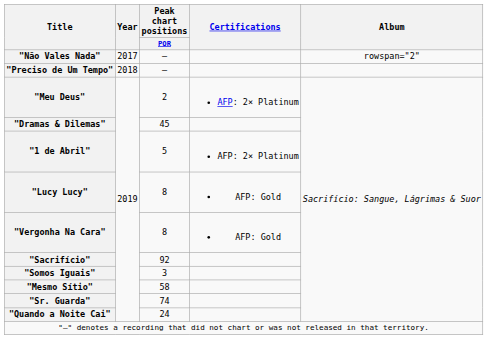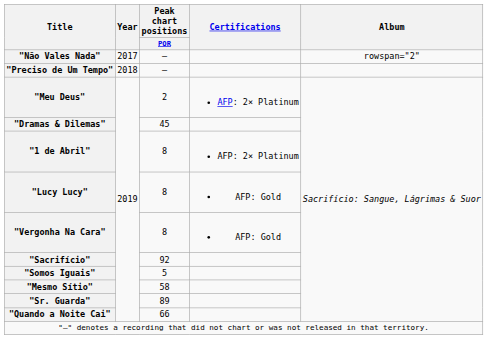 <table class="wikitable plainrowheaders" style="text-align:center;" border="1">
 <tr>
 <th scope="col" rowspan="2">Title</th>
 <th scope="col" rowspan="2">Year</th>
 <th scope="col">Peak chart positions</th>
 <th scope="col" rowspan="2"><a href='#'>Certifications</a></th>
 <th scope="col" rowspan="2">Album</th>
 </tr>
 <tr>
 <th scope="col" style="width:3em;font-size:85%;"><a href='#'>POR</a><br></th>
 </tr>
 <tr>
 <th scope="row">"Não Vales Nada"</th>
 <td>2017</td>
 <td>—</td>
 <td></td>
 <td>rowspan="2" </td>
 </tr>
 <tr>
 <th scope="row">"Preciso de Um Tempo"</th>
 <td>2018</td>
 <td>—</td>
 <td></td>
 </tr>
 <tr>
 <th scope="row">"Meu Deus"</th>
 <td rowspan="10">2019</td>
 <td>2</td>
 <td><br><ul><li><a href='#'>AFP</a>: 2× Platinum</li></ul></td>
 <td rowspan="10"><em>Sacrifício: Sangue, Lágrimas & Suor</em></td>
 </tr>
 <tr>
 <th scope="row">"Dramas & Dilemas"</th>
 <td>45</td>
 <td></td>
 </tr>
 <tr>
 <th scope="row">"1 de Abril"</th>
-<td>5</td>
+<td>8</td>
 <td><br><ul><li>AFP: 2× Platinum</li></ul></td>
 </tr>
 <tr>
 <th scope="row">"Lucy Lucy"</th>
 <td>8</td>
 <td><br><ul><li>AFP: Gold</li></ul></td>
 </tr>
 <tr>
 <th scope="row">"Vergonha Na Cara"</th>
 <td>8</td>
 <td><br><ul><li>AFP: Gold</li></ul></td>
 </tr>
 <tr>
 <th scope="row">"Sacrifício"</th>
 <td>92</td>
 <td></td>
 </tr>
 <tr>
 <th scope="row">"Somos Iguais"</th>
-<td>3</td>
+<td>5</td>
 <td></td>
 </tr>
 <tr>
 <th scope="row">"Mesmo Sítio"</th>
 <td>58</td>
 <td></td>
 </tr>
 <tr>
 <th scope="row">"Sr. Guarda"</th>
-<td>74</td>
+<td>89</td>
 <td></td>
 </tr>
 <tr>
 <th scope="row">"Quando a Noite Cai"</th>
-<td>24</td>
+<td>66</td>
 <td></td>
 </tr>
 <tr>
 <td colspan="5" style="font-size:90%">"—" denotes a recording that did not chart or was not released in that territory.</td>
 </tr>
 </table>
